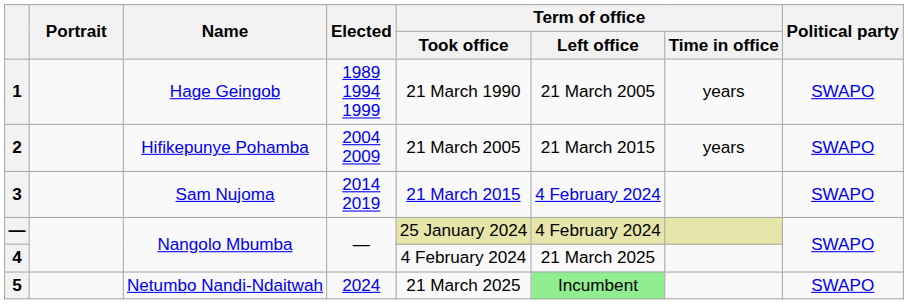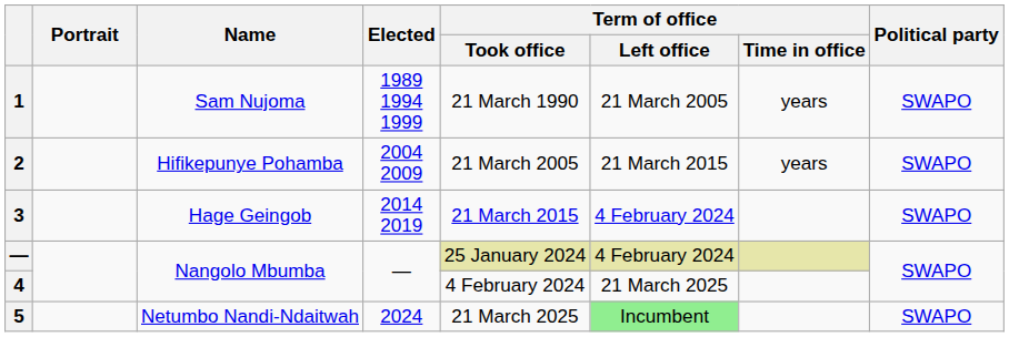 <table class="wikitable" style="text-align:center">
 <tr>
 <th rowspan="2"></th>
 <th rowspan="2" style="width:80px;">Portrait</th>
 <th rowspan="2">Name<br></th>
 <th rowspan="2">Elected</th>
 <th colspan="3">Term of office</th>
 <th rowspan="2">Political party</th>
 </tr>
 <tr>
 <th>Took office</th>
 <th>Left office</th>
 <th>Time in office</th>
 </tr>
 <tr>
 <th style="background:">1</th>
 <td></td>
-<td><a href='#'>Hage Geingob</a><br></td>
+<td><a href='#'>Sam Nujoma</a><br></td>
 <td><a href='#'>1989</a><br><a href='#'>1994</a><br><a href='#'>1999</a></td>
 <td>21 March 1990</td>
 <td>21 March 2005</td>
 <td> years</td>
 <td><a href='#'>SWAPO</a></td>
 </tr>
 <tr>
 <th style="background:">2</th>
 <td></td>
 <td><a href='#'>Hifikepunye Pohamba</a><br></td>
 <td><a href='#'>2004</a><br><a href='#'>2009</a></td>
 <td>21 March 2005</td>
 <td>21 March 2015</td>
 <td> years</td>
 <td><a href='#'>SWAPO</a></td>
 </tr>
 <tr>
 <th style="background:">3</th>
 <td></td>
-<td><a href='#'>Sam Nujoma</a><br></td>
+<td><a href='#'>Hage Geingob</a><br></td>
 <td><a href='#'>2014</a><br><a href='#'>2019</a></td>
 <td><a href='#'>21 March 2015</a></td>
 <td><a href='#'>4 February 2024</a></td>
 <td></td>
 <td><a href='#'>SWAPO</a></td>
 </tr>
 <tr>
 <th style="background:">—</th>
 <td rowspan=2></td>
 <td rowspan=2><a href='#'>Nangolo Mbumba</a><br></td>
 <td rowspan=2>—</td>
 <td style="background:#e6e6aa;">25 January 2024</td>
 <td style="background:#e6e6aa;">4 February 2024</td>
 <td style="background:#e6e6aa;"></td>
 <td rowspan=2><a href='#'>SWAPO</a></td>
 </tr>
 <tr>
 <th style="background:">4</th>
 <td>4 February 2024</td>
 <td>21 March 2025</td>
 <td></td>
 </tr>
 <tr>
 <th style="background:">5</th>
 <td></td>
 <td><a href='#'>Netumbo Nandi-Ndaitwah</a><br></td>
 <td><a href='#'>2024</a></td>
 <td>21 March 2025</td>
 <td style="background: lightgreen;">Incumbent</td>
 <td></td>
 <td><a href='#'>SWAPO</a></td>
 </tr>
 </table>
